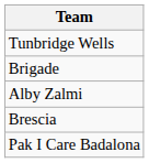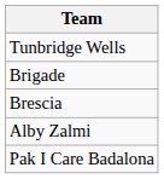 <table class="wikitable">
 <tr>
 <th>Team</th>
 </tr>
 <tr>
 <td> Tunbridge Wells</td>
 </tr>
 <tr>
 <td> Brigade</td>
 </tr>
 <tr>
-<td> Alby Zalmi</td>
+<td> Brescia</td>
 </tr>
 <tr>
-<td> Brescia</td>
+<td> Alby Zalmi</td>
 </tr>
 <tr>
 <td> Pak I Care Badalona</td>
 </tr>
 </table>
